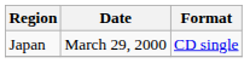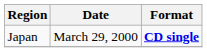 <table class="wikitable">
 <tr>
 <th>Region</th>
 <th>Date</th>
 <th>Format</th>
 </tr>
 <tr>
 <td>Japan</td>
 <td>March 29, 2000</td>
-<td><a href='#'>CD single</a></td>
+<td><strong><a href='#'>CD single</a></strong></td>
 </tr>
 <tr>
 </tr>
 </table>
